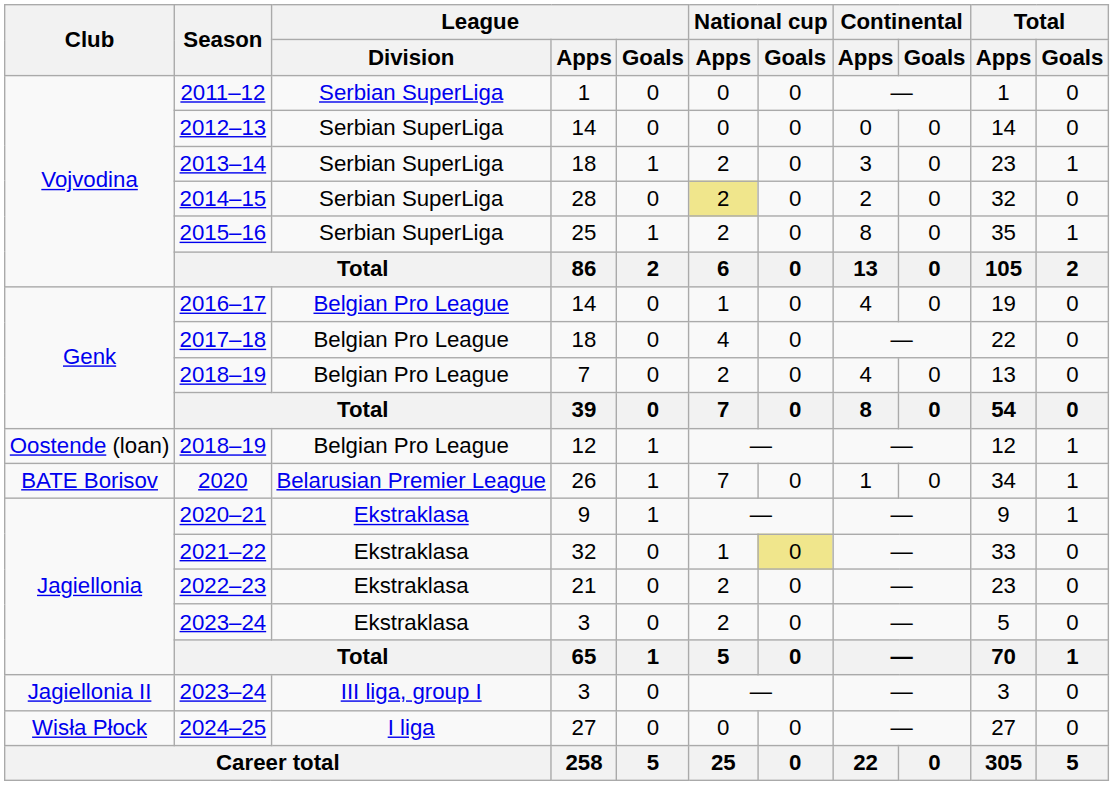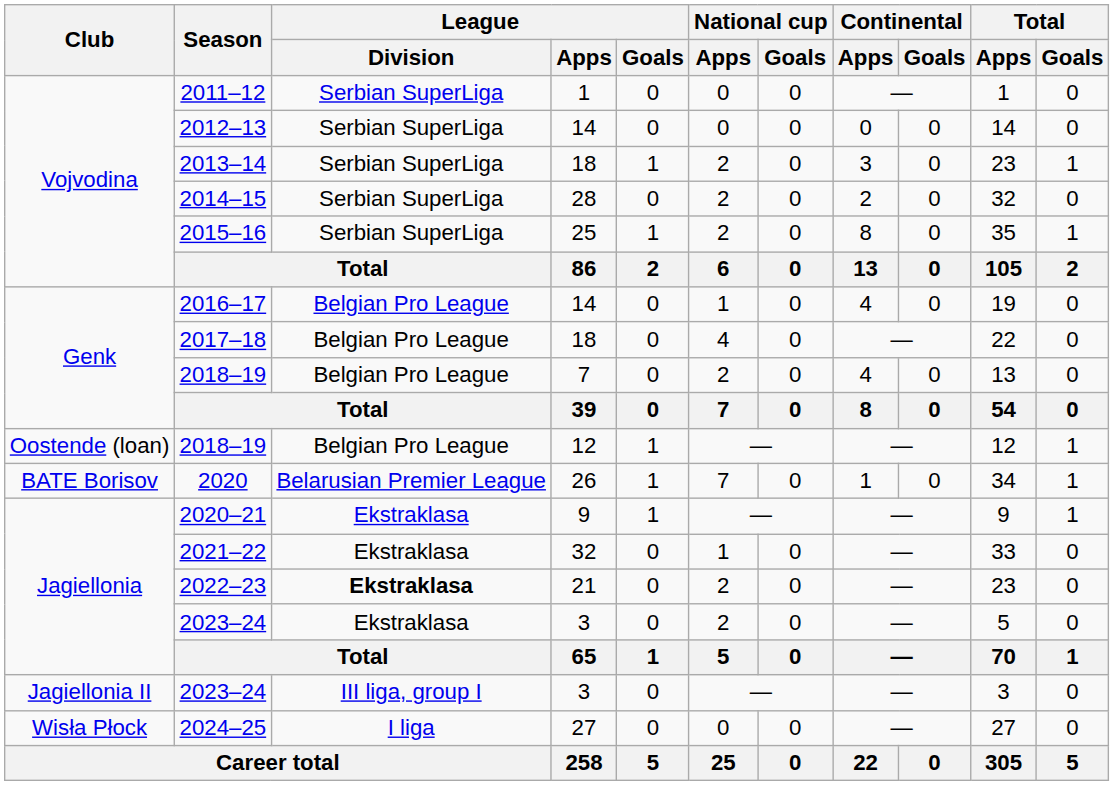 <table class="wikitable" style="text-align:center">
 <tr>
 <th rowspan=2>Club</th>
 <th rowspan=2>Season</th>
 <th colspan=3>League</th>
 <th colspan=2>National cup</th>
 <th colspan=2>Continental</th>
 <th colspan=2>Total</th>
 </tr>
 <tr>
 <th>Division</th>
 <th>Apps</th>
 <th>Goals</th>
 <th>Apps</th>
 <th>Goals</th>
 <th>Apps</th>
 <th>Goals</th>
 <th>Apps</th>
 <th>Goals</th>
 </tr>
 <tr>
 <td rowspan=6><a href='#'>Vojvodina</a></td>
 <td><a href='#'>2011–12</a></td>
 <td><a href='#'>Serbian SuperLiga</a></td>
 <td>1</td>
 <td>0</td>
 <td>0</td>
 <td>0</td>
 <td colspan=2>—</td>
 <td>1</td>
 <td>0</td>
 </tr>
 <tr>
 <td><a href='#'>2012–13</a></td>
 <td>Serbian SuperLiga</td>
 <td>14</td>
 <td>0</td>
 <td>0</td>
 <td>0</td>
 <td>0</td>
 <td>0</td>
 <td>14</td>
 <td>0</td>
 </tr>
 <tr>
 <td><a href='#'>2013–14</a></td>
 <td>Serbian SuperLiga</td>
 <td>18</td>
 <td>1</td>
 <td>2</td>
 <td>0</td>
 <td>3</td>
 <td>0</td>
 <td>23</td>
 <td>1</td>
 </tr>
 <tr>
 <td><a href='#'>2014–15</a></td>
 <td>Serbian SuperLiga</td>
 <td>28</td>
 <td>0</td>
-<td style="background: khaki;">2</td>
+<td>2</td>
 <td>0</td>
 <td>2</td>
 <td>0</td>
 <td>32</td>
 <td>0</td>
 </tr>
 <tr>
 <td><a href='#'>2015–16</a></td>
 <td>Serbian SuperLiga</td>
 <td>25</td>
 <td>1</td>
 <td>2</td>
 <td>0</td>
 <td>8</td>
 <td>0</td>
 <td>35</td>
 <td>1</td>
 </tr>
 <tr>
 <th colspan=2>Total</th>
 <th>86</th>
 <th>2</th>
 <th>6</th>
 <th>0</th>
 <th>13</th>
 <th>0</th>
 <th>105</th>
 <th>2</th>
 </tr>
 <tr>
 <td rowspan=4><a href='#'>Genk</a></td>
 <td><a href='#'>2016–17</a></td>
 <td><a href='#'>Belgian Pro League</a></td>
 <td>14</td>
 <td>0</td>
 <td>1</td>
 <td>0</td>
 <td>4</td>
 <td>0</td>
 <td>19</td>
 <td>0</td>
 </tr>
 <tr>
 <td><a href='#'>2017–18</a></td>
 <td>Belgian Pro League</td>
 <td>18</td>
 <td>0</td>
 <td>4</td>
 <td>0</td>
 <td colspan=2>—</td>
 <td>22</td>
 <td>0</td>
 </tr>
 <tr>
 <td><a href='#'>2018–19</a></td>
 <td>Belgian Pro League</td>
 <td>7</td>
 <td>0</td>
 <td>2</td>
 <td>0</td>
 <td>4</td>
 <td>0</td>
 <td>13</td>
 <td>0</td>
 </tr>
 <tr>
 <th colspan=2>Total</th>
 <th>39</th>
 <th>0</th>
 <th>7</th>
 <th>0</th>
 <th>8</th>
 <th>0</th>
 <th>54</th>
 <th>0</th>
 </tr>
 <tr>
 <td><a href='#'>Oostende</a> (loan)</td>
 <td><a href='#'>2018–19</a></td>
 <td>Belgian Pro League</td>
 <td>12</td>
 <td>1</td>
 <td colspan=2>—</td>
 <td colspan=2>—</td>
 <td>12</td>
 <td>1</td>
 </tr>
 <tr>
 <td><a href='#'>BATE Borisov</a></td>
 <td><a href='#'>2020</a></td>
 <td><a href='#'>Belarusian Premier League</a></td>
 <td>26</td>
 <td>1</td>
 <td>7</td>
 <td>0</td>
 <td>1</td>
 <td>0</td>
 <td>34</td>
 <td>1</td>
 </tr>
 <tr>
 <td rowspan=5><a href='#'>Jagiellonia</a></td>
 <td><a href='#'>2020–21</a></td>
 <td><a href='#'>Ekstraklasa</a></td>
 <td>9</td>
 <td>1</td>
 <td colspan=2>—</td>
 <td colspan=2>—</td>
 <td>9</td>
 <td>1</td>
 </tr>
 <tr>
 <td><a href='#'>2021–22</a></td>
 <td>Ekstraklasa</td>
 <td>32</td>
 <td>0</td>
 <td>1</td>
-<td style="background: khaki;">0</td>
+<td>0</td>
 <td colspan=2>—</td>
 <td>33</td>
 <td>0</td>
 </tr>
 <tr>
 <td><a href='#'>2022–23</a></td>
-<td>Ekstraklasa</td>
+<td><strong>Ekstraklasa</strong></td>
 <td>21</td>
 <td>0</td>
 <td>2</td>
 <td>0</td>
 <td colspan=2>—</td>
 <td>23</td>
 <td>0</td>
 </tr>
 <tr>
 <td><a href='#'>2023–24</a></td>
 <td>Ekstraklasa</td>
 <td>3</td>
 <td>0</td>
 <td>2</td>
 <td>0</td>
 <td colspan=2>—</td>
 <td>5</td>
 <td>0</td>
 </tr>
 <tr>
 <th colspan=2>Total</th>
 <th>65</th>
 <th>1</th>
 <th>5</th>
 <th>0</th>
 <th colspan=2>—</th>
 <th>70</th>
 <th>1</th>
 </tr>
 <tr>
 <td><a href='#'>Jagiellonia II</a></td>
 <td><a href='#'>2023–24</a></td>
 <td><a href='#'>III liga, group I</a></td>
 <td>3</td>
 <td>0</td>
 <td colspan=2>—</td>
 <td colspan=2>—</td>
 <td>3</td>
 <td>0</td>
 </tr>
 <tr>
 <td><a href='#'>Wisła Płock</a></td>
 <td><a href='#'>2024–25</a></td>
 <td><a href='#'>I liga</a></td>
 <td>27</td>
 <td>0</td>
 <td>0</td>
 <td>0</td>
 <td colspan=2>—</td>
 <td>27</td>
 <td>0</td>
 </tr>
 <tr>
 <th colspan=3>Career total</th>
 <th>258</th>
 <th>5</th>
 <th>25</th>
 <th>0</th>
 <th>22</th>
 <th>0</th>
 <th>305</th>
 <th>5</th>
 </tr>
 </table>
